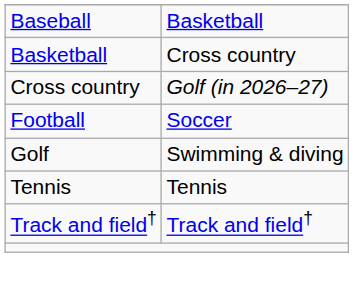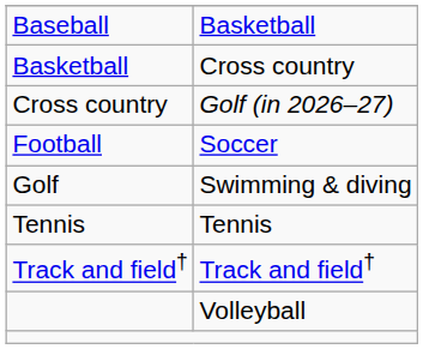 <table class="wikitable" style="float:right; clear:right; margin:0 0 1em 1em;">
 <tr>
 </tr>
 <tr>
 <td><a href='#'>Baseball</a></td>
 <td><a href='#'>Basketball</a></td>
 </tr>
 <tr>
 <td><a href='#'>Basketball</a></td>
 <td>Cross country</td>
 </tr>
 <tr>
 <td>Cross country</td>
 <td><em>Golf (in 2026–27)</em></td>
 </tr>
 <tr>
 <td><a href='#'>Football</a></td>
 <td><a href='#'>Soccer</a></td>
 </tr>
 <tr>
 <td>Golf</td>
 <td>Swimming & diving</td>
 </tr>
 <tr>
 <td>Tennis</td>
 <td>Tennis</td>
 </tr>
 <tr>
 <td><a href='#'>Track and field</a><sup>†</sup></td>
 <td><a href='#'>Track and field</a><sup>†</sup></td>
 </tr>
 <tr>
+<td></td>
+<td>Volleyball</td>
+</tr>
+<tr>
 <td colspan="2"></td>
 </tr>
 </table>
